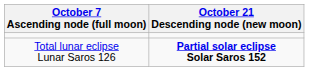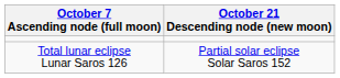 <table class="wikitable">
 <tr>
 <th><a href='#'>October 7</a><br>Ascending node (full moon)</th>
 <th><a href='#'>October 21</a><br>Descending node (new moon)</th>
 </tr>
 <tr>
 <td></td>
 <td></td>
 </tr>
 <tr align=center>
 <td><a href='#'>Total lunar eclipse</a><br>Lunar Saros 126</td>
-<td><strong><a href='#'>Partial solar eclipse</a><br>Solar Saros 152</strong></td>
+<td><a href='#'>Partial solar eclipse</a><br>Solar Saros 152</td>
 </tr>
 </table>
